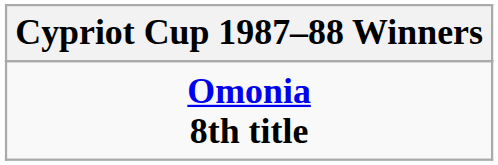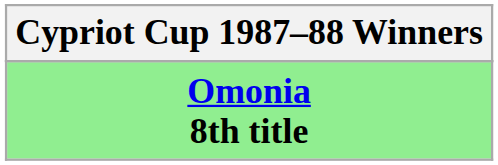 <table class="wikitable" style="text-align:center;margin: 0 auto;">
 <tr>
 <th>Cypriot Cup 1987–88 Winners</th>
 </tr>
 <tr>
 </tr>
 <tr>
-<td><strong><a href='#'>Omonia</a></strong><br><strong>8th title</strong></td>
+<td style="background: lightgreen;"><strong><a href='#'>Omonia</a></strong><br><strong>8th title</strong></td>
 </tr>
 </table>
